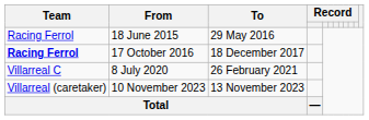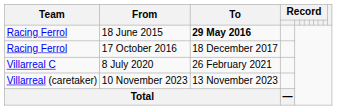 <table class="wikitable" style="text-align: center">
 <tr>
 <th rowspan="2">Team</th>
 <th rowspan="2">From</th>
 <th rowspan="2">To</th>
 <th colspan="8">Record</th>
 <th rowspan=2></th>
 </tr>
 <tr>
 <th></th>
 <th></th>
 <th></th>
 <th></th>
 <th></th>
 <th></th>
 <th></th>
 <th></th>
 </tr>
 <tr>
 <td align="left"><a href='#'>Racing Ferrol</a></td>
 <td align=left>18 June 2015</td>
-<td align=left>29 May 2016<br></td>
+<td align=left><strong>29 May 2016<br></strong></td>
 <td></td>
 </tr>
 <tr>
-<td align="left"><strong><a href='#'>Racing Ferrol</a></strong></td>
+<td align="left"><a href='#'>Racing Ferrol</a></td>
 <td align=left>17 October 2016</td>
 <td align=left>18 December 2017<br></td>
 <td></td>
 </tr>
 <tr>
 <td align="left"><a href='#'>Villarreal C</a></td>
 <td align=left>8 July 2020</td>
 <td align=left>26 February 2021<br></td>
 <td></td>
 </tr>
 <tr>
 <td align="left"><a href='#'>Villarreal</a> (caretaker)</td>
 <td align=left>10 November 2023</td>
 <td align=left>13 November 2023<br></td>
 <td></td>
 </tr>
 <tr>
 <th colspan=3>Total<br></th>
 <th>—</th>
 </tr>
 </table>
